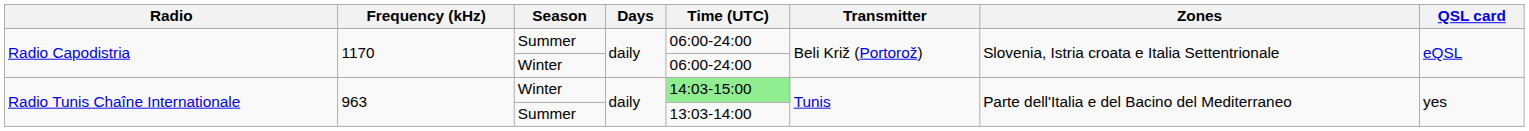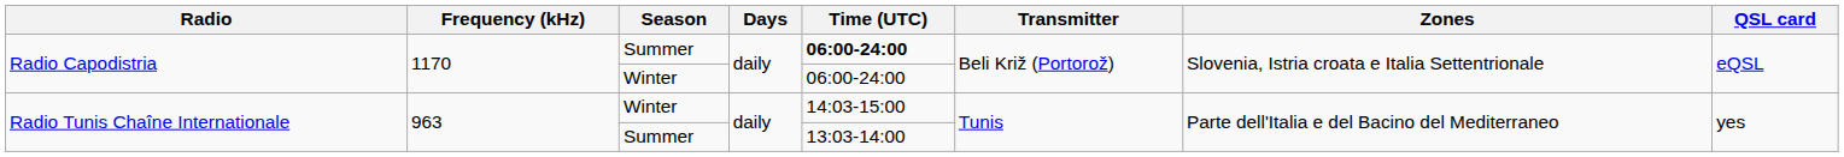 <table class="wikitable" style="width:100%;">
 <tr>
 <th>Radio</th>
 <th>Frequency (kHz)</th>
 <th>Season</th>
 <th>Days</th>
 <th>Time (UTC)</th>
 <th>Transmitter</th>
 <th>Zones</th>
 <th><a href='#'>QSL card</a></th>
 </tr>
 <tr>
 <td rowspan="2"> <a href='#'>Radio Capodistria</a></td>
 <td rowspan="2">1170</td>
 <td>Summer</td>
 <td rowspan="2">daily</td>
-<td>06:00-24:00</td>
+<td><strong>06:00-24:00</strong></td>
 <td rowspan="2">Beli Križ (<a href='#'>Portorož</a>)</td>
 <td rowspan="2">Slovenia, Istria croata e Italia Settentrionale</td>
 <td rowspan="2"><a href='#'>eQSL</a></td>
 </tr>
 <tr>
 <td>Winter</td>
 <td>06:00-24:00</td>
 </tr>
 <tr>
 <td rowspan="2"> <a href='#'>Radio Tunis Chaîne Internationale</a></td>
 <td rowspan="2">963</td>
 <td>Winter</td>
 <td rowspan="2">daily</td>
-<td style="background: lightgreen;">14:03-15:00</td>
+<td>14:03-15:00</td>
 <td rowspan="2"><a href='#'>Tunis</a></td>
 <td rowspan="2">Parte dell'Italia e del Bacino del Mediterraneo</td>
 <td rowspan="2">yes</td>
 </tr>
 <tr>
 <td>Summer</td>
 <td>13:03-14:00</td>
 </tr>
 </table>
